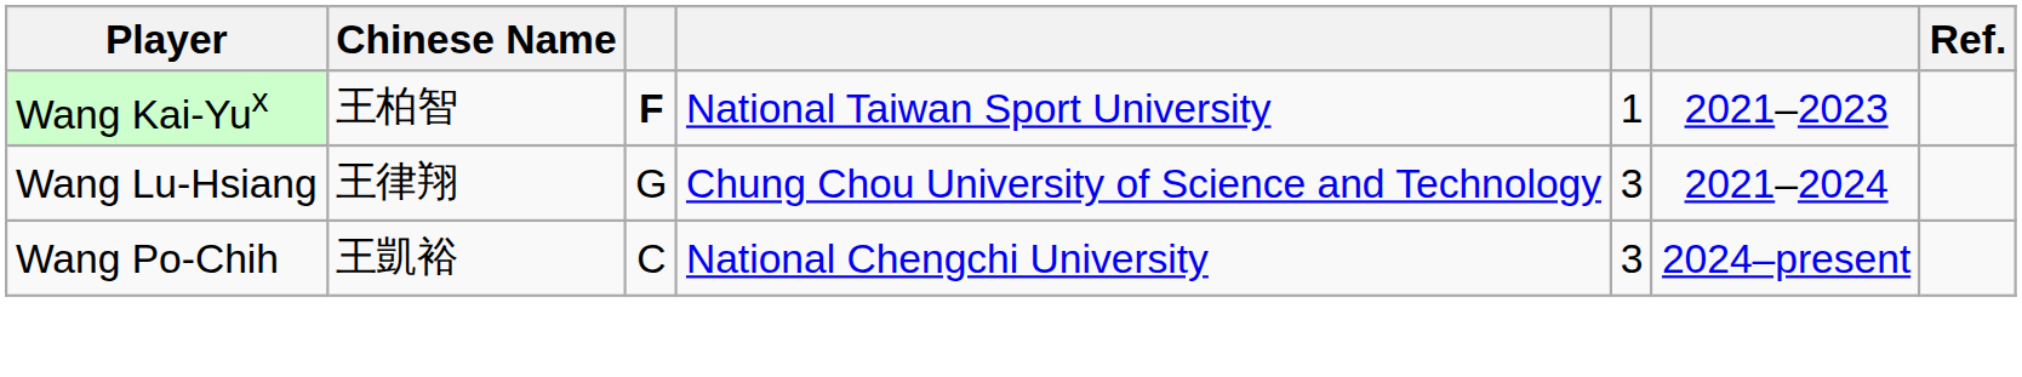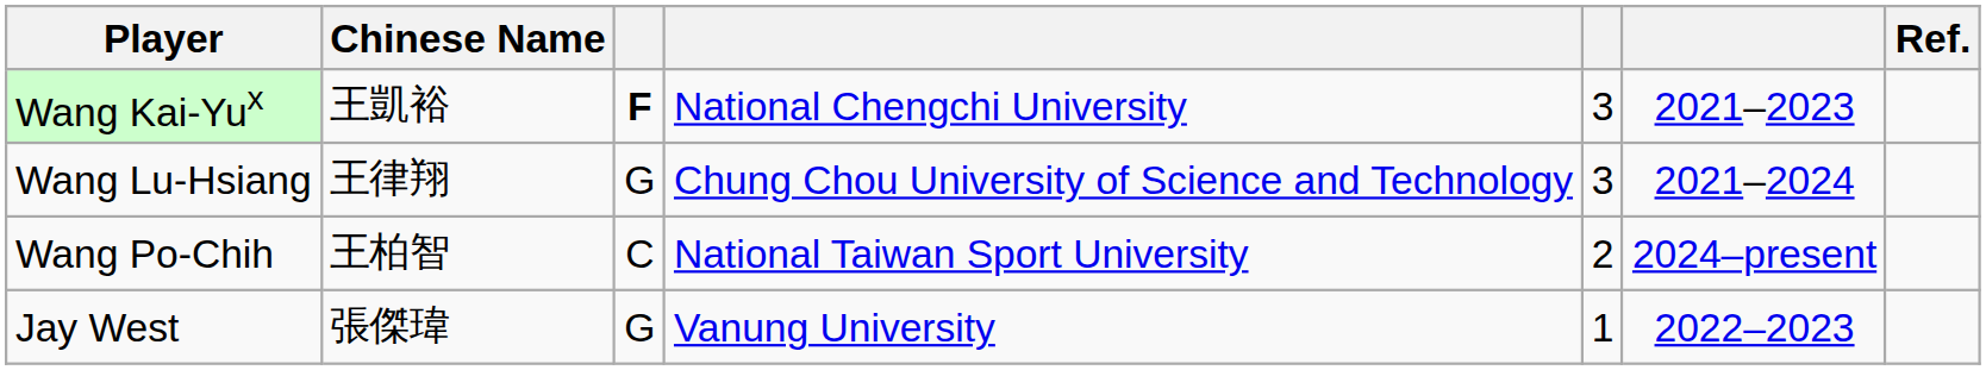 <table class="wikitable sortable" style="font-size:95%; text-align:left;">
 <tr>
 <th>Player</th>
 <th>Chinese Name</th>
 <th></th>
 <th></th>
 <th></th>
 <th></th>
 <th>Ref.</th>
 </tr>
 <tr>
 <td bgcolor="#CCFFCC">Wang Kai-Yu<sup>x</sup></td>
-<td>王柏智</td>
+<td>王凱裕</td>
 <td align="center"><strong>F</strong></td>
-<td><a href='#'>National Taiwan Sport University</a></td>
-<td align="center">1</td>
+<td><a href='#'>National Chengchi University</a></td>
+<td align="center">3</td>
 <td align="center"><a href='#'>2021</a>–<a href='#'>2023</a></td>
 <td></td>
 </tr>
 <tr>
 <td>Wang Lu-Hsiang</td>
 <td>王律翔</td>
 <td align="center">G</td>
 <td><a href='#'>Chung Chou University of Science and Technology</a></td>
 <td align="center">3</td>
 <td align="center"><a href='#'>2021</a>–<a href='#'>2024</a></td>
 <td></td>
 </tr>
 <tr>
 <td>Wang Po-Chih</td>
-<td>王凱裕</td>
+<td>王柏智</td>
 <td align="center">C</td>
-<td><a href='#'>National Chengchi University</a></td>
-<td align="center">3</td>
+<td><a href='#'>National Taiwan Sport University</a></td>
+<td align="center">2</td>
 <td align="center"><a href='#'>2024–present</a></td>
 <td></td>
 </tr>
+<tr>
+<td>Jay West</td>
+<td>張傑瑋</td>
+<td align="center">G</td>
+<td><a href='#'>Vanung University</a></td>
+<td align="center">1</td>
+<td align="center"><a href='#'>2022–2023</a></td>
+<td></td>
+</tr>
 </table>
